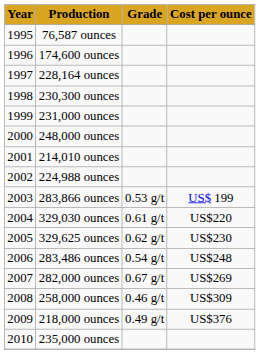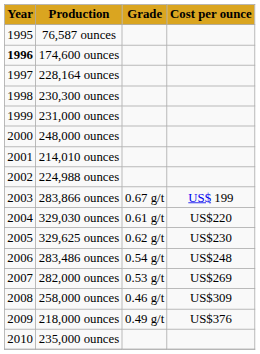 <table class="wikitable">
 <tr align="center" bgcolor="#DAA520">
 <td><strong>Year</strong></td>
 <td><strong>Production</strong></td>
 <td><strong>Grade</strong></td>
 <td><strong>Cost per ounce</strong></td>
 </tr>
 <tr align="center">
 <td>1995</td>
 <td>76,587 ounces</td>
 <td></td>
 <td></td>
 </tr>
 <tr align="center">
-<td>1996</td>
+<td><strong>1996</strong></td>
 <td>174,600 ounces</td>
 <td></td>
 <td></td>
 </tr>
 <tr align="center">
 <td>1997</td>
 <td>228,164 ounces</td>
 <td></td>
 <td></td>
 </tr>
 <tr align="center">
 <td>1998</td>
 <td>230,300 ounces</td>
 <td></td>
 <td></td>
 </tr>
 <tr align="center">
 <td>1999</td>
 <td>231,000 ounces</td>
 <td></td>
 <td></td>
 </tr>
 <tr align="center">
 <td>2000</td>
 <td>248,000 ounces</td>
 <td></td>
 <td></td>
 </tr>
 <tr align="center">
 <td>2001</td>
 <td>214,010 ounces</td>
 <td></td>
 <td></td>
 </tr>
 <tr align="center">
 <td>2002</td>
 <td>224,988 ounces</td>
 <td></td>
 <td></td>
 </tr>
 <tr align="center">
 <td>2003 </td>
 <td>283,866 ounces</td>
-<td>0.53 g/t</td>
+<td>0.67 g/t</td>
 <td><a href='#'>US$</a> 199</td>
 </tr>
 <tr align="center">
 <td>2004 </td>
 <td>329,030 ounces</td>
 <td>0.61 g/t</td>
 <td>US$220</td>
 </tr>
 <tr align="center">
 <td>2005 </td>
 <td>329,625 ounces</td>
 <td>0.62 g/t</td>
 <td>US$230</td>
 </tr>
 <tr align="center">
 <td>2006 </td>
 <td>283,486 ounces</td>
 <td>0.54 g/t</td>
 <td>US$248</td>
 </tr>
 <tr align="center">
 <td>2007 </td>
 <td>282,000 ounces</td>
-<td>0.67 g/t</td>
+<td>0.53 g/t</td>
 <td>US$269</td>
 </tr>
 <tr align="center">
 <td>2008 </td>
 <td>258,000 ounces</td>
 <td>0.46 g/t</td>
 <td>US$309</td>
 </tr>
 <tr align="center">
 <td>2009 </td>
 <td>218,000 ounces</td>
 <td>0.49 g/t</td>
 <td>US$376</td>
 </tr>
 <tr align="center">
 <td>2010</td>
 <td>235,000 ounces</td>
 <td></td>
 <td></td>
 </tr>
 <tr>
 </tr>
 </table>
